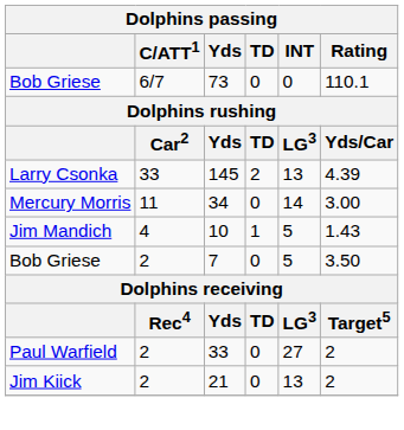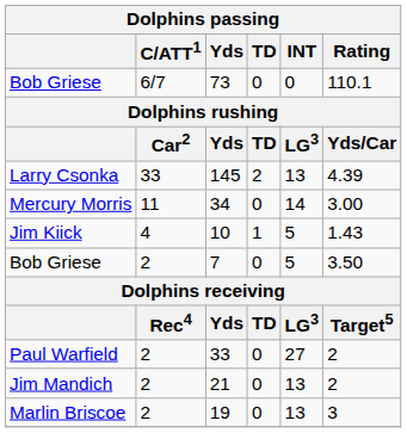 <table class="wikitable">
 <tr>
 <th colspan="6">Dolphins passing</th>
 </tr>
 <tr>
 <th></th>
 <th>C/ATT<sup>1</sup></th>
 <th>Yds</th>
 <th>TD</th>
 <th>INT</th>
 <th>Rating</th>
 </tr>
 <tr>
 <td><a href='#'>Bob Griese</a></td>
 <td>6/7</td>
 <td>73</td>
 <td>0</td>
 <td>0</td>
 <td>110.1</td>
 </tr>
 <tr>
 <th colspan="6">Dolphins rushing</th>
 </tr>
 <tr>
 <th></th>
 <th>Car<sup>2</sup></th>
 <th>Yds</th>
 <th>TD</th>
 <th>LG<sup>3</sup></th>
 <th>Yds/Car</th>
 </tr>
 <tr>
 <td><a href='#'>Larry Csonka</a></td>
 <td>33</td>
 <td>145</td>
 <td>2</td>
 <td>13</td>
 <td>4.39</td>
 </tr>
 <tr>
 <td><a href='#'>Mercury Morris</a></td>
 <td>11</td>
 <td>34</td>
 <td>0</td>
 <td>14</td>
 <td>3.00</td>
 </tr>
 <tr>
-<td><a href='#'>Jim Mandich</a></td>
+<td><a href='#'>Jim Kiick</a></td>
 <td>4</td>
 <td>10</td>
 <td>1</td>
 <td>5</td>
 <td>1.43</td>
 </tr>
 <tr>
 <td>Bob Griese</td>
 <td>2</td>
 <td>7</td>
 <td>0</td>
 <td>5</td>
 <td>3.50</td>
 </tr>
 <tr>
 <th colspan="6">Dolphins receiving</th>
 </tr>
 <tr>
 <th></th>
 <th>Rec<sup>4</sup></th>
 <th>Yds</th>
 <th>TD</th>
 <th>LG<sup>3</sup></th>
 <th>Target<sup>5</sup></th>
 </tr>
 <tr>
 <td><a href='#'>Paul Warfield</a></td>
 <td>2</td>
 <td>33</td>
 <td>0</td>
 <td>27</td>
 <td>2</td>
 </tr>
 <tr>
-<td><a href='#'>Jim Kiick</a></td>
+<td><a href='#'>Jim Mandich</a></td>
 <td>2</td>
 <td>21</td>
 <td>0</td>
 <td>13</td>
 <td>2</td>
 </tr>
 <tr>
+<td><a href='#'>Marlin Briscoe</a></td>
+<td>2</td>
+<td>19</td>
+<td>0</td>
+<td>13</td>
+<td>3</td>
+</tr>
+<tr>
 </tr>
 </table>
